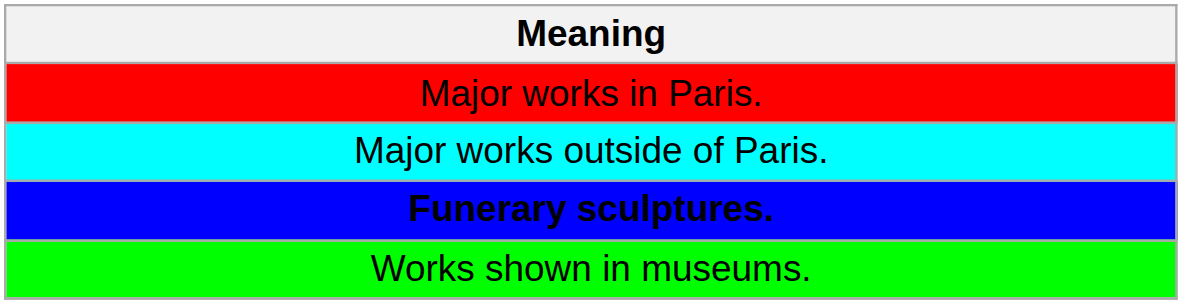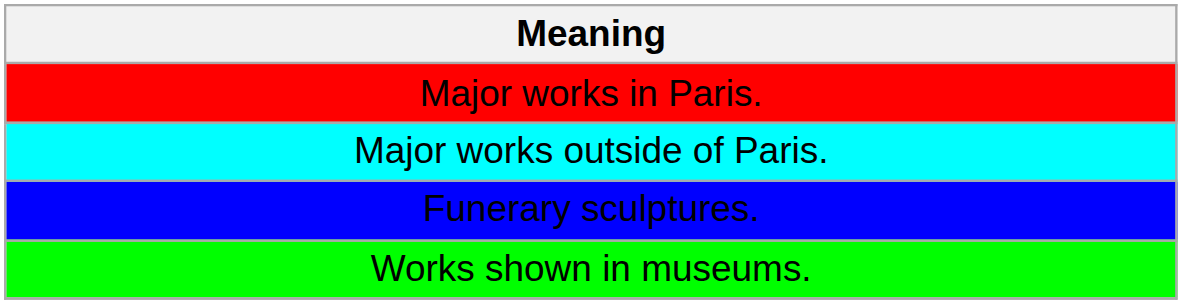 <table class="wikitable" border=1 align="center" style="text-align:center">
 <tr>
 <th width="500">Meaning</th>
 </tr>
 <tr>
 <td bgcolor="red"><span> Major works in Paris. </span></td>
 </tr>
 <tr>
 <td bgcolor="cyan"><span> Major works outside of Paris.</span></td>
 </tr>
 <tr>
-<td bgcolor="blue"><strong><span> Funerary sculptures.</span></strong></td>
+<td bgcolor="blue"><span> Funerary sculptures.</span></td>
 </tr>
 <tr>
 <td bgcolor="00FF00"><span> Works shown in museums.</span></td>
 </tr>
 <tr>
 </tr>
 </table>
